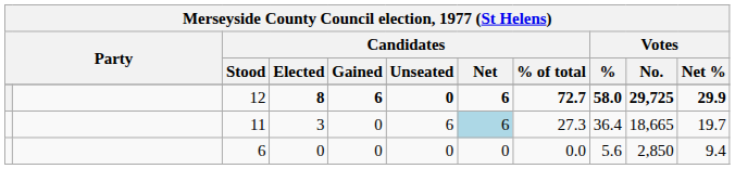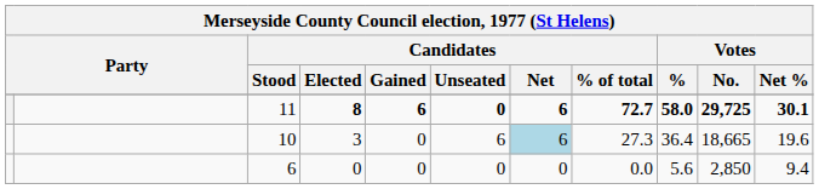 <table class="wikitable" style="font-size:95%">
 <tr>
 <th colspan="16" style="background-color:#f2f2f2">Merseyside County Council election, 1977 (<a href='#'>St Helens</a>)</th>
 </tr>
 <tr style="vertical-align:center;">
 <th colspan="2" rowspan="2">Party</th>
 <th colspan="6" style="width: 30px">Candidates</th>
 <th colspan="5" style="width: 30px">Votes</th>
 </tr>
 <tr>
 <th>Stood</th>
 <th>Elected</th>
 <th>Gained</th>
 <th>Unseated</th>
 <th style="width: 45px">Net</th>
 <th>% of total</th>
 <th>%</th>
 <th>No.</th>
 <th>Net %</th>
 </tr>
 <tr>
 </tr>
 <tr>
 <th style="background-color: "></th>
 <td style="width: 190px"><a href='#'></a></td>
-<td style="text-align:right; ">12</td>
+<td style="text-align:right; ">11</td>
 <td style="text-align:right; "><strong>8</strong></td>
 <td style="text-align:right; "><strong>6</strong></td>
 <td style="text-align:right; "><strong>0</strong></td>
 <td style="text-align:right; "><span><strong>6</strong></span></td>
 <td style="text-align:right; "><strong>72.7</strong></td>
 <td style="text-align:right; "><strong>58.0</strong></td>
 <td style="text-align:right; "><strong>29,725</strong></td>
-<td style="text-align:right; "><span><strong>29.9</strong></span></td>
+<td style="text-align:right; "><span><strong>30.1</strong></span></td>
 </tr>
 <tr>
 <td style="background-color: "></td>
 <td style="width: 190px"><a href='#'></a></td>
-<td style="text-align:right; ">11</td>
+<td style="text-align:right; ">10</td>
 <td style="text-align:right; ">3</td>
 <td style="text-align:right; ">0</td>
 <td style="text-align:right; ">6</td>
 <td style="background: lightblue; text-align:right; "><span>6</span></td>
 <td style="text-align:right; ">27.3</td>
 <td style="text-align:right; ">36.4</td>
 <td style="text-align:right; ">18,665</td>
-<td style="text-align:right; "><span>19.7</span></td>
+<td style="text-align:right; "><span>19.6</span></td>
 </tr>
 <tr>
 <td style="background-color: "></td>
 <td style="width: 190px"><a href='#'></a></td>
 <td style="text-align:right; ">6</td>
 <td style="text-align:right; ">0</td>
 <td style="text-align:right; ">0</td>
 <td style="text-align:right; ">0</td>
 <td style="text-align:right; ">0</td>
 <td style="text-align:right; ">0.0</td>
 <td style="text-align:right; ">5.6</td>
 <td style="text-align:right; ">2,850</td>
 <td style="text-align:right; "><span>9.4</span></td>
 </tr>
 <tr>
 </tr>
 </table>
